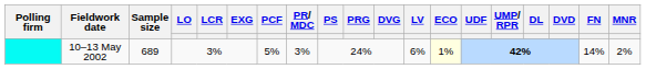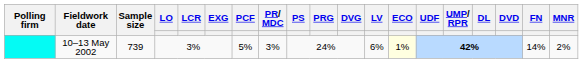 <table class="wikitable sortable" style="text-align:center;font-size:90%;line-height:14px;">
 <tr style="height:40px;">
 <th style="width:100px;" rowspan="2">Polling firm</th>
 <th style="width:110px;" rowspan="2">Fieldwork date</th>
 <th style="width:35px;" rowspan="2">Sample<br>size</th>
 <th class="unsortable" style="width:40px;"><a href='#'>LO</a></th>
 <th class="unsortable" style="width:40px;"><a href='#'>LCR</a></th>
 <th class="unsortable" style="width:40px;"><a href='#'>EXG</a></th>
 <th class="unsortable" style="width:40px;"><a href='#'>PCF</a></th>
 <th class="unsortable" style="width:40px;"><a href='#'>PR</a>/<br><a href='#'>MDC</a></th>
 <th class="unsortable" style="width:40px;"><a href='#'>PS</a></th>
 <th class="unsortable" style="width:40px;"><a href='#'>PRG</a></th>
 <th class="unsortable" style="width:40px;"><a href='#'>DVG</a></th>
 <th class="unsortable" style="width:40px;"><a href='#'>LV</a></th>
 <th class="unsortable" style="width:40px;"><a href='#'>ECO</a></th>
 <th class="unsortable" style="width:40px;"><a href='#'>UDF</a></th>
 <th class="unsortable" style="width:40px;"><a href='#'>UMP</a>/<br><a href='#'>RPR</a></th>
 <th class="unsortable" style="width:40px;"><a href='#'>DL</a></th>
 <th class="unsortable" style="width:40px;"><a href='#'>DVD</a></th>
 <th class="unsortable" style="width:40px;"><a href='#'>FN</a></th>
 <th class="unsortable" style="width:40px;"><a href='#'>MNR</a></th>
 </tr>
 <tr>
 <th style="background:"></th>
 <th style="background:"></th>
 <th style="background:"></th>
 <th style="background:"></th>
 <th style="background:"></th>
 <th style="background:"></th>
 <th style="background:"></th>
 <th style="background:"></th>
 <th style="background:"></th>
 <th style="background:"></th>
 <th style="background:"></th>
 <th style="background:"></th>
 <th style="background:"></th>
 <th style="background:"></th>
 <th style="background:"></th>
 <th style="background:"></th>
 </tr>
 <tr>
 <td style="background:#04FBF4;"></td>
 <td data-sort-value="2002-05-13">10–13 May 2002</td>
-<td>689</td>
+<td>739</td>
 <td colspan="3">3%</td>
 <td>5%</td>
 <td>3%</td>
 <td colspan="3">24%</td>
 <td>6%</td>
 <td style="background: lightyellow;">1%</td>
 <td style="background:#B9DAFF;" colspan="4"><strong>42%</strong></td>
 <td>14%</td>
 <td>2%</td>
 </tr>
 </table>
